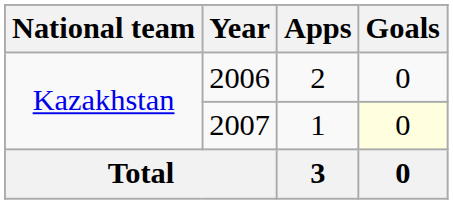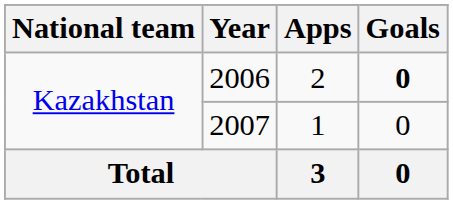 <table class="wikitable" style="text-align:center">
 <tr>
 <th>National team</th>
 <th>Year</th>
 <th>Apps</th>
 <th>Goals</th>
 </tr>
 <tr>
 <td rowspan="2"><a href='#'>Kazakhstan</a></td>
 <td>2006</td>
 <td>2</td>
-<td>0</td>
+<td><strong>0</strong></td>
 </tr>
 <tr>
 <td>2007</td>
 <td>1</td>
-<td style="background: lightyellow;">0</td>
+<td>0</td>
 </tr>
 <tr>
 <th colspan="2">Total</th>
 <th>3</th>
 <th>0</th>
 </tr>
 </table>
